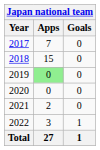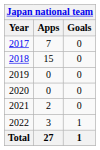 <table class="wikitable" style="text-align:center">
 <tr>
 <th colspan=3><a href='#'>Japan national team</a></th>
 </tr>
 <tr>
 <th>Year</th>
 <th>Apps</th>
 <th>Goals</th>
 </tr>
 <tr>
 <td><a href='#'>2017</a></td>
 <td>7</td>
 <td>0</td>
 </tr>
 <tr>
 <td><a href='#'>2018</a></td>
 <td>15</td>
 <td>0</td>
 </tr>
 <tr>
 <td>2019</td>
-<td style="background: lightgreen;">0</td>
+<td>0</td>
 <td>0</td>
 </tr>
 <tr>
 <td>2020</td>
 <td>0</td>
 <td>0</td>
 </tr>
 <tr>
 <td>2021</td>
 <td>2</td>
 <td>0</td>
 </tr>
 <tr>
 <td>2022</td>
 <td>3</td>
 <td>1</td>
 </tr>
 <tr>
 <th>Total</th>
 <th>27</th>
 <th>1</th>
 </tr>
 </table>
